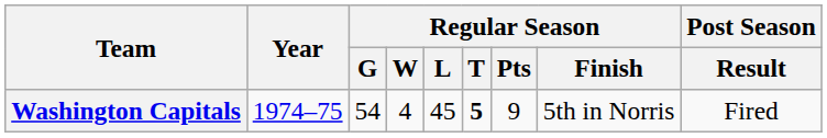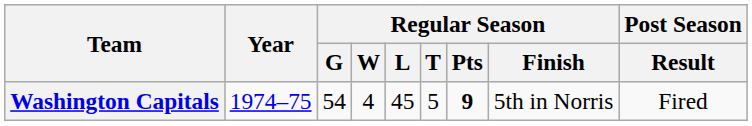 <table class="wikitable" style="font-size: 95%; text-align:center;">
 <tr>
 <th rowspan="2">Team</th>
 <th rowspan="2">Year</th>
 <th colspan="6">Regular Season</th>
 <th colspan="1">Post Season</th>
 </tr>
 <tr>
 <th>G</th>
 <th>W</th>
 <th>L</th>
 <th>T</th>
 <th>Pts</th>
 <th>Finish</th>
 <th>Result</th>
 </tr>
 <tr>
 <th><a href='#'>Washington Capitals</a></th>
 <td><a href='#'>1974–75</a></td>
 <td>54</td>
 <td>4</td>
 <td>45</td>
-<td><strong>5</strong></td>
-<td>9</td>
+<td>5</td>
+<td><strong>9</strong></td>
 <td>5th in Norris</td>
 <td>Fired</td>
 </tr>
 </table>
